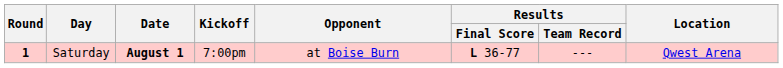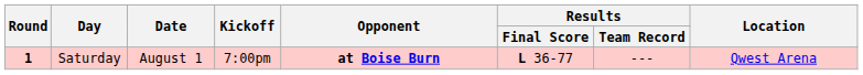 <table class="wikitable">
 <tr>
 <th rowspan="2" style="width:40px;">Round</th>
 <th rowspan="2" style="width:70px;">Day</th>
 <th rowspan="2" style="width:80px;">Date</th>
 <th rowspan="2" style="width:60px;">Kickoff</th>
 <th rowspan="2" style="width:210px;">Opponent</th>
 <th colspan="2" style="width:180px;">Results</th>
 <th rowspan="2" style="width:160px;">Location</th>
 </tr>
 <tr>
 <th style="width:90px;">Final Score</th>
 <th style="width:90px;">Team Record</th>
 </tr>
 <tr style="text-align:center; background:#fcc;">
 <td><strong>1</strong></td>
 <td>Saturday</td>
-<td><strong>August 1</strong></td>
+<td>August 1</td>
 <td>7:00pm</td>
-<td>at <a href='#'>Boise Burn</a></td>
+<td><strong>at <a href='#'>Boise Burn</a></strong></td>
 <td><strong>L</strong> 36-77</td>
 <td>---</td>
 <td><a href='#'>Qwest Arena</a></td>
 </tr>
 </table>
